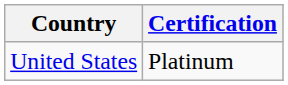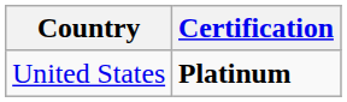 <table class="wikitable">
 <tr>
 <th scope="col">Country</th>
 <th scope="col"><a href='#'>Certification</a></th>
 </tr>
 <tr>
 <td><a href='#'>United States</a></td>
-<td>Platinum</td>
+<td><strong>Platinum</strong></td>
 </tr>
 </table>
